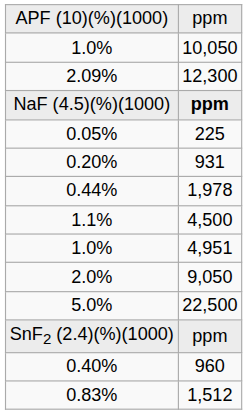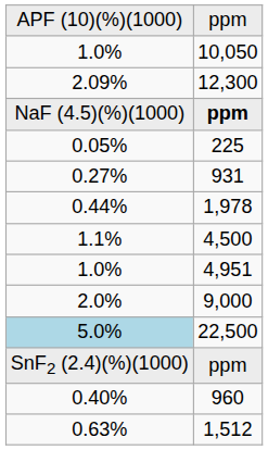 <table class="wikitable" style = "float: right; margin-left:15px; text-align:center">
 <tr style="background: #ececec;">
 <td>APF (10)(%)(1000)</td>
 <td>ppm</td>
 </tr>
 <tr>
 <td>1.0%</td>
 <td>10,050</td>
 </tr>
 <tr>
 <td>2.09%</td>
 <td>12,300</td>
 </tr>
 <tr style="background: #ececec;">
 <td>NaF (4.5)(%)(1000)</td>
 <td><strong>ppm</strong></td>
 </tr>
 <tr>
 <td>0.05%</td>
 <td>225</td>
 </tr>
 <tr>
-<td>0.20%</td>
+<td>0.27%</td>
 <td>931</td>
 </tr>
 <tr>
 <td>0.44%</td>
 <td>1,978</td>
 </tr>
 <tr>
 <td>1.1%</td>
 <td>4,500</td>
 </tr>
 <tr>
 <td>1.0%</td>
 <td>4,951</td>
 </tr>
 <tr>
 <td>2.0%</td>
-<td>9,050</td>
+<td>9,000</td>
 </tr>
 <tr>
-<td>5.0%</td>
+<td style="background: lightblue;">5.0%</td>
 <td>22,500</td>
 </tr>
 <tr style="background: #ececec;">
 <td>SnF<sub>2</sub> (2.4)(%)(1000)</td>
 <td>ppm</td>
 </tr>
 <tr>
 <td>0.40%</td>
 <td>960</td>
 </tr>
 <tr>
-<td>0.83%</td>
+<td>0.63%</td>
 <td>1,512</td>
 </tr>
 </table>
